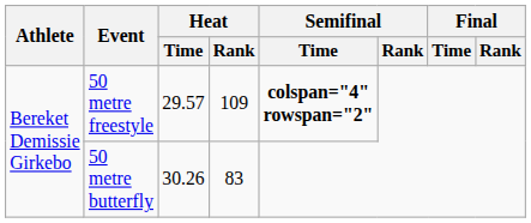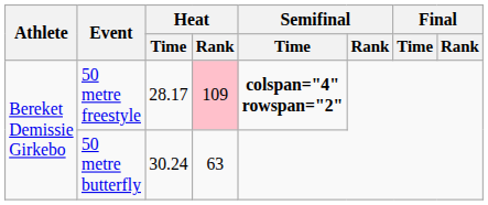 <table class="wikitable" style="text-align:center; font-size:90%; width:50%;">
 <tr>
 <th rowspan="2">Athlete</th>
 <th rowspan="2">Event</th>
 <th colspan="2">Heat</th>
 <th colspan="2">Semifinal</th>
 <th colspan="2">Final</th>
 </tr>
 <tr style="font-size:95%">
 <th>Time</th>
 <th>Rank</th>
 <th>Time</th>
 <th>Rank</th>
 <th>Time</th>
 <th>Rank</th>
 </tr>
 <tr align=center>
 <td align=left rowspan="2"><a href='#'>Bereket Demissie Girkebo</a></td>
 <td align=left><a href='#'>50 metre freestyle</a></td>
-<td>29.57</td>
-<td>109</td>
+<td>28.17</td>
+<td style="background: pink;">109</td>
 <td><strong>colspan="4" rowspan="2" </strong></td>
 </tr>
 <tr align=center>
 <td align=left><a href='#'>50 metre butterfly</a></td>
-<td>30.26</td>
-<td>83</td>
+<td>30.24</td>
+<td>63</td>
 </tr>
 </table>
